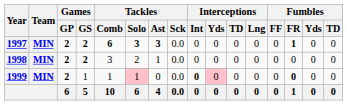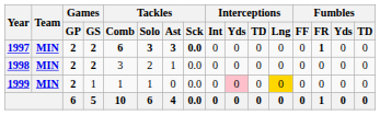 <table class="wikitable" style="text-align:center">
 <tr>
 <th rowspan="2">Year</th>
 <th rowspan="2">Team</th>
 <th colspan="2">Games</th>
 <th colspan="4">Tackles</th>
 <th colspan="4">Interceptions</th>
 <th colspan="4">Fumbles</th>
 </tr>
 <tr>
 <th>GP</th>
 <th>GS</th>
 <th>Comb</th>
 <th>Solo</th>
 <th>Ast</th>
 <th>Sck</th>
 <th>Int</th>
 <th>Yds</th>
 <th>TD</th>
 <th>Lng</th>
 <th>FF</th>
 <th>FR</th>
 <th>Yds</th>
 <th>TD</th>
 </tr>
 <tr>
 <th><a href='#'>1997</a></th>
 <th><a href='#'>MIN</a></th>
 <td><strong>2</strong></td>
 <td><strong>2</strong></td>
 <td><strong>6</strong></td>
 <td><strong>3</strong></td>
 <td><strong>3</strong></td>
-<td>0.0</td>
+<td><strong>0.0</strong></td>
 <td>0</td>
 <td>0</td>
 <td>0</td>
 <td>0</td>
 <td>0</td>
 <td><strong>1</strong></td>
 <td>0</td>
 <td>0</td>
 </tr>
 <tr>
 <th><a href='#'>1998</a></th>
 <th><a href='#'>MIN</a></th>
 <td><strong>2</strong></td>
 <td><strong>2</strong></td>
 <td>3</td>
 <td>2</td>
 <td>1</td>
 <td>0.0</td>
 <td>0</td>
 <td>0</td>
 <td>0</td>
 <td>0</td>
 <td>0</td>
 <td>0</td>
 <td>0</td>
 <td>0</td>
 </tr>
 <tr>
 <th><a href='#'>1999</a></th>
 <th><a href='#'>MIN</a></th>
 <td><strong>2</strong></td>
 <td>1</td>
 <td>1</td>
-<td style="background: pink;">1</td>
+<td>1</td>
 <td>0</td>
 <td>0.0</td>
-<td><strong>0</strong></td>
+<td>0</td>
 <td style="background: pink;">0</td>
 <td>0</td>
+<td style="background: gold;">0</td>
 <td>0</td>
 <td>0</td>
-<td><strong>0</strong></td>
 <td>0</td>
 <td>0</td>
 </tr>
 <tr>
 <th colspan="2"></th>
 <th>6</th>
 <th>5</th>
 <th>10</th>
 <th>6</th>
 <th>4</th>
 <th>0.0</th>
 <th>0</th>
 <th>0</th>
 <th>0</th>
 <th>0</th>
 <th>0</th>
 <th>1</th>
 <th>0</th>
 <th>0</th>
 </tr>
 </table>
